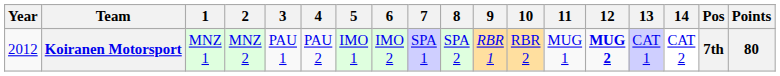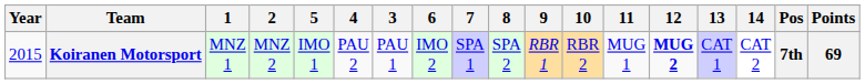 <table class="wikitable" style="text-align:center; font-size:85%">
 <tr>
 <th>Year</th>
 <th>Team</th>
 <th>1</th>
 <th>2</th>
+<th>5</th>
+<th>4</th>
 <th>3</th>
-<th>4</th>
-<th>5</th>
 <th>6</th>
 <th>7</th>
 <th>8</th>
 <th>9</th>
 <th>10</th>
 <th>11</th>
 <th>12</th>
 <th>13</th>
 <th>14</th>
 <th>Pos</th>
 <th>Points</th>
 </tr>
 <tr>
-<td><a href='#'>2012</a></td>
+<td><a href='#'>2015</a></td>
 <th nowrap><a href='#'>Koiranen Motorsport</a></th>
 <td style="background:#DFFFDF;"><a href='#'>MNZ<br>1</a><br></td>
 <td style="background:#DFFFDF;"><a href='#'>MNZ<br>2</a><br></td>
+<td style="background:#DFFFDF;"><a href='#'>IMO<br>1</a><br></td>
+<td style="background:#;"><a href='#'>PAU<br>2</a><br></td>
 <td style="background:#;"><a href='#'>PAU<br>1</a><br></td>
-<td style="background:#;"><a href='#'>PAU<br>2</a><br></td>
-<td style="background:#DFFFDF;"><a href='#'>IMO<br>1</a><br></td>
 <td style="background:#DFFFDF;"><a href='#'>IMO<br>2</a><br></td>
 <td style="background:#CFCFFF;"><a href='#'>SPA<br>1</a><br></td>
 <td style="background:#DFFFDF;"><a href='#'>SPA<br>2</a><br></td>
 <td style="background:#FFDF9F;"><em><a href='#'>RBR<br>1</a></em><br></td>
 <td style="background:#FFDF9F;"><a href='#'>RBR<br>2</a><br></td>
 <td style="background:#;"><a href='#'>MUG<br>1</a><br></td>
 <td style="background:#;"><strong><a href='#'>MUG<br>2</a><br></strong></td>
 <td style="background:#CFCFFF;"><a href='#'>CAT<br>1</a><br></td>
 <td style="background:#FFFFFF;"><a href='#'>CAT<br>2</a><br></td>
 <th>7th</th>
-<th>80</th>
+<th>69</th>
 </tr>
 </table>
